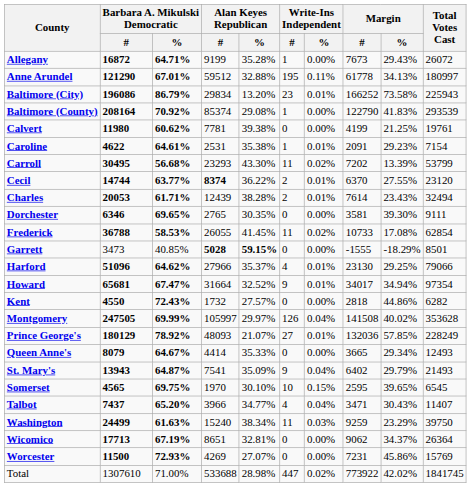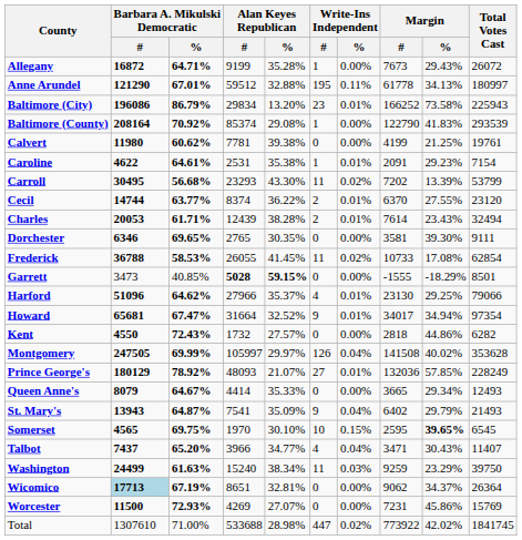 <table class="wikitable sortable">
 <tr>
 <th rowspan="2">County</th>
 <th colspan="2" >Barbara A. Mikulski<br>Democratic</th>
 <th colspan="2" >Alan Keyes<br>Republican</th>
 <th colspan="2" >Write-Ins<br>Independent</th>
 <th colspan="2">Margin</th>
 <th rowspan="2">Total<br>Votes<br>Cast</th>
 </tr>
 <tr>
 <th>#</th>
 <th>%</th>
 <th>#</th>
 <th>%</th>
 <th>#</th>
 <th>%</th>
 <th>#</th>
 <th>%</th>
 </tr>
 <tr>
 <td><strong><a href='#'>Allegany</a></strong></td>
 <td><strong>16872</strong></td>
 <td><strong>64.71%</strong></td>
 <td>9199</td>
 <td>35.28%</td>
 <td>1</td>
 <td>0.00%</td>
 <td>7673</td>
 <td>29.43%</td>
 <td>26072</td>
 </tr>
 <tr>
 <td><strong><a href='#'>Anne Arundel</a></strong></td>
 <td><strong>121290</strong></td>
 <td><strong>67.01%</strong></td>
 <td>59512</td>
 <td>32.88%</td>
 <td>195</td>
 <td>0.11%</td>
 <td>61778</td>
 <td>34.13%</td>
 <td>180997</td>
 </tr>
 <tr>
 <td><strong><a href='#'>Baltimore (City)</a></strong></td>
 <td><strong>196086</strong></td>
 <td><strong>86.79%</strong></td>
 <td>29834</td>
 <td>13.20%</td>
 <td>23</td>
 <td>0.01%</td>
 <td>166252</td>
 <td>73.58%</td>
 <td>225943</td>
 </tr>
 <tr>
 <td><strong><a href='#'>Baltimore (County)</a></strong></td>
 <td><strong>208164</strong></td>
 <td><strong>70.92%</strong></td>
 <td>85374</td>
 <td>29.08%</td>
 <td>1</td>
 <td>0.00%</td>
 <td>122790</td>
 <td>41.83%</td>
 <td>293539</td>
 </tr>
 <tr>
 <td><strong><a href='#'>Calvert</a></strong></td>
 <td><strong>11980</strong></td>
 <td><strong>60.62%</strong></td>
 <td>7781</td>
 <td>39.38%</td>
 <td>0</td>
 <td>0.00%</td>
 <td>4199</td>
 <td>21.25%</td>
 <td>19761</td>
 </tr>
 <tr>
 <td><strong><a href='#'>Caroline</a></strong></td>
 <td><strong>4622</strong></td>
 <td><strong>64.61%</strong></td>
 <td>2531</td>
 <td>35.38%</td>
 <td>1</td>
 <td>0.01%</td>
 <td>2091</td>
 <td>29.23%</td>
 <td>7154</td>
 </tr>
 <tr>
 <td><strong><a href='#'>Carroll</a></strong></td>
 <td><strong>30495</strong></td>
 <td><strong>56.68%</strong></td>
 <td>23293</td>
 <td>43.30%</td>
 <td>11</td>
 <td>0.02%</td>
 <td>7202</td>
 <td>13.39%</td>
 <td>53799</td>
 </tr>
 <tr>
 <td><strong><a href='#'>Cecil</a></strong></td>
 <td><strong>14744</strong></td>
 <td><strong>63.77%</strong></td>
-<td><strong>8374</strong></td>
+<td>8374</td>
 <td>36.22%</td>
 <td>2</td>
 <td>0.01%</td>
 <td>6370</td>
 <td>27.55%</td>
 <td>23120</td>
 </tr>
 <tr>
 <td><strong><a href='#'>Charles</a></strong></td>
 <td><strong>20053</strong></td>
 <td><strong>61.71%</strong></td>
 <td>12439</td>
 <td>38.28%</td>
 <td>2</td>
 <td>0.01%</td>
 <td>7614</td>
 <td>23.43%</td>
 <td>32494</td>
 </tr>
 <tr>
 <td><strong><a href='#'>Dorchester</a></strong></td>
 <td><strong>6346</strong></td>
 <td><strong>69.65%</strong></td>
 <td>2765</td>
 <td>30.35%</td>
 <td>0</td>
 <td>0.00%</td>
 <td>3581</td>
 <td>39.30%</td>
 <td>9111</td>
 </tr>
 <tr>
 <td><strong><a href='#'>Frederick</a></strong></td>
 <td><strong>36788</strong></td>
 <td><strong>58.53%</strong></td>
 <td>26055</td>
 <td>41.45%</td>
 <td>11</td>
 <td>0.02%</td>
 <td>10733</td>
 <td>17.08%</td>
 <td>62854</td>
 </tr>
 <tr>
 <td><strong><a href='#'>Garrett</a></strong></td>
 <td>3473</td>
 <td>40.85%</td>
 <td><strong>5028</strong></td>
 <td><strong>59.15%</strong></td>
 <td>0</td>
 <td>0.00%</td>
 <td>-1555</td>
 <td>-18.29%</td>
 <td>8501</td>
 </tr>
 <tr>
 <td><strong><a href='#'>Harford</a></strong></td>
 <td><strong>51096</strong></td>
 <td><strong>64.62%</strong></td>
 <td>27966</td>
 <td>35.37%</td>
 <td>4</td>
 <td>0.01%</td>
 <td>23130</td>
 <td>29.25%</td>
 <td>79066</td>
 </tr>
 <tr>
 <td><strong><a href='#'>Howard</a></strong></td>
 <td><strong>65681</strong></td>
 <td><strong>67.47%</strong></td>
 <td>31664</td>
 <td>32.52%</td>
 <td>9</td>
 <td>0.01%</td>
 <td>34017</td>
 <td>34.94%</td>
 <td>97354</td>
 </tr>
 <tr>
 <td><strong><a href='#'>Kent</a></strong></td>
 <td><strong>4550</strong></td>
 <td><strong>72.43%</strong></td>
 <td>1732</td>
 <td>27.57%</td>
 <td>0</td>
 <td>0.00%</td>
 <td>2818</td>
 <td>44.86%</td>
 <td>6282</td>
 </tr>
 <tr>
 <td><strong><a href='#'>Montgomery</a></strong></td>
 <td><strong>247505</strong></td>
 <td><strong>69.99%</strong></td>
 <td>105997</td>
 <td>29.97%</td>
 <td>126</td>
 <td>0.04%</td>
 <td>141508</td>
 <td>40.02%</td>
 <td>353628</td>
 </tr>
 <tr>
 <td><strong><a href='#'>Prince George's</a></strong></td>
 <td><strong>180129</strong></td>
 <td><strong>78.92%</strong></td>
 <td>48093</td>
 <td>21.07%</td>
 <td>27</td>
 <td>0.01%</td>
 <td>132036</td>
 <td>57.85%</td>
 <td>228249</td>
 </tr>
 <tr>
 <td><strong><a href='#'>Queen Anne's</a></strong></td>
 <td><strong>8079</strong></td>
 <td><strong>64.67%</strong></td>
 <td>4414</td>
 <td>35.33%</td>
 <td>0</td>
 <td>0.00%</td>
 <td>3665</td>
 <td>29.34%</td>
 <td>12493</td>
 </tr>
 <tr>
 <td><strong><a href='#'>St. Mary's</a></strong></td>
 <td><strong>13943</strong></td>
 <td><strong>64.87%</strong></td>
 <td>7541</td>
 <td>35.09%</td>
 <td>9</td>
 <td>0.04%</td>
 <td>6402</td>
 <td>29.79%</td>
 <td>21493</td>
 </tr>
 <tr>
 <td><strong><a href='#'>Somerset</a></strong></td>
 <td><strong>4565</strong></td>
 <td><strong>69.75%</strong></td>
 <td>1970</td>
 <td>30.10%</td>
 <td>10</td>
 <td>0.15%</td>
 <td>2595</td>
-<td>39.65%</td>
+<td><strong>39.65%</strong></td>
 <td>6545</td>
 </tr>
 <tr>
 <td><strong><a href='#'>Talbot</a></strong></td>
 <td><strong>7437</strong></td>
 <td><strong>65.20%</strong></td>
 <td>3966</td>
 <td>34.77%</td>
 <td>4</td>
 <td>0.04%</td>
 <td>3471</td>
 <td>30.43%</td>
 <td>11407</td>
 </tr>
 <tr>
 <td><strong><a href='#'>Washington</a></strong></td>
 <td><strong>24499</strong></td>
 <td><strong>61.63%</strong></td>
 <td>15240</td>
 <td>38.34%</td>
 <td>11</td>
 <td>0.03%</td>
 <td>9259</td>
 <td>23.29%</td>
 <td>39750</td>
 </tr>
 <tr>
 <td><strong><a href='#'>Wicomico</a></strong></td>
-<td><strong>17713</strong></td>
+<td style="background: lightblue;"><strong>17713</strong></td>
 <td><strong>67.19%</strong></td>
 <td>8651</td>
 <td>32.81%</td>
 <td>0</td>
 <td>0.00%</td>
 <td>9062</td>
 <td>34.37%</td>
 <td>26364</td>
 </tr>
 <tr>
 <td><strong><a href='#'>Worcester</a></strong></td>
 <td><strong>11500</strong></td>
 <td><strong>72.93%</strong></td>
 <td>4269</td>
 <td>27.07%</td>
 <td>0</td>
 <td>0.00%</td>
 <td>7231</td>
 <td>45.86%</td>
 <td>15769</td>
 </tr>
 <tr>
 <td>Total</td>
 <td>1307610</td>
 <td>71.00%</td>
 <td>533688</td>
 <td>28.98%</td>
 <td>447</td>
 <td>0.02%</td>
 <td>773922</td>
 <td>42.02%</td>
 <td>1841745</td>
 </tr>
 </table>
